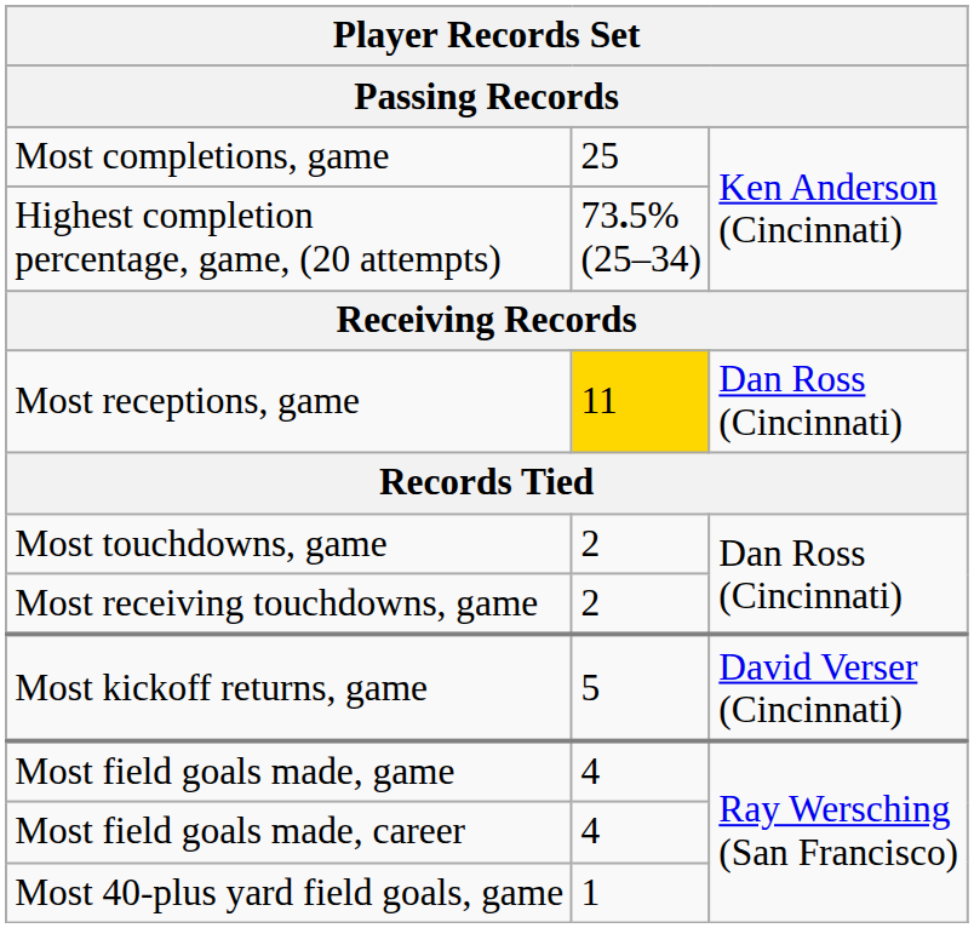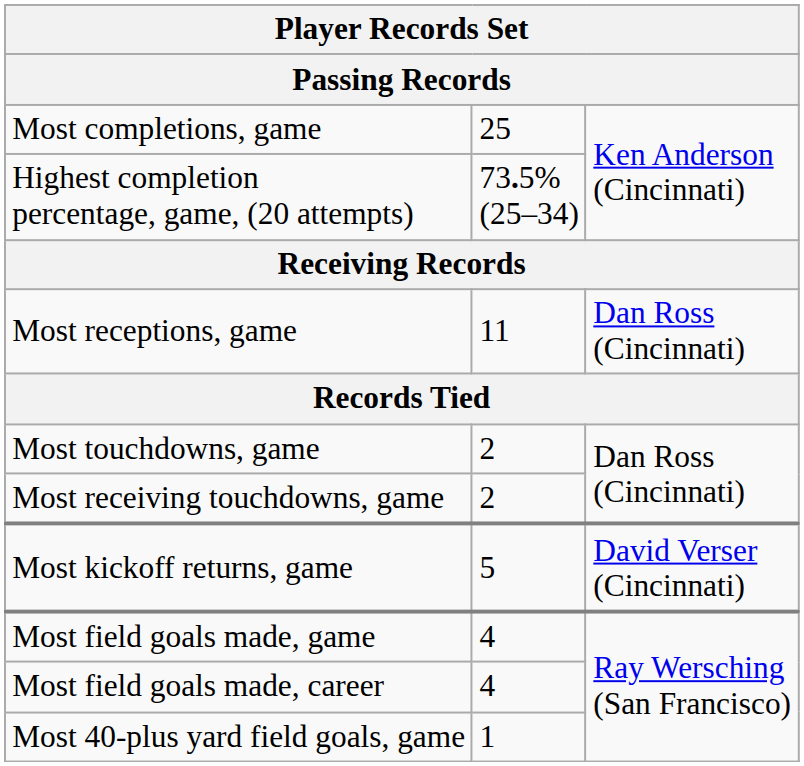 <table class="wikitable">
 <tr>
 <th colspan=3>Player Records Set</th>
 </tr>
 <tr>
 <th colspan=3>Passing Records</th>
 </tr>
 <tr>
 <td>Most completions, game</td>
 <td>25</td>
 <td rowspan=2><a href='#'>Ken Anderson</a><br>(Cincinnati)</td>
 </tr>
 <tr>
 <td>Highest completion<br> percentage, game, (20 attempts)</td>
 <td>73<strong>.</strong>5% <br>(25–34)</td>
 </tr>
 <tr>
 <th colspan=3>Receiving Records</th>
 </tr>
 <tr>
 <td>Most receptions, game</td>
-<td style="background: gold;">11</td>
+<td>11</td>
 <td><a href='#'>Dan Ross</a><br>(Cincinnati)</td>
 </tr>
 <tr>
 <th colspan=3>Records Tied</th>
 </tr>
 <tr>
 <td>Most touchdowns, game</td>
 <td>2</td>
 <td rowspan=2>Dan Ross<br>(Cincinnati)</td>
 </tr>
 <tr style="border-bottom: 2px solid gray">
 <td>Most receiving touchdowns, game</td>
 <td>2</td>
 </tr>
 <tr style="border-bottom: 2px solid gray">
 <td>Most kickoff returns, game</td>
 <td>5</td>
 <td><a href='#'>David Verser</a><br>(Cincinnati)</td>
 </tr>
 <tr>
 <td>Most field goals made, game</td>
 <td>4</td>
 <td rowspan=3><a href='#'>Ray Wersching</a><br>(San Francisco)</td>
 </tr>
 <tr>
 <td>Most field goals made, career</td>
 <td>4</td>
 </tr>
 <tr>
 <td>Most 40-plus yard field goals, game</td>
 <td>1</td>
 </tr>
 </table>
